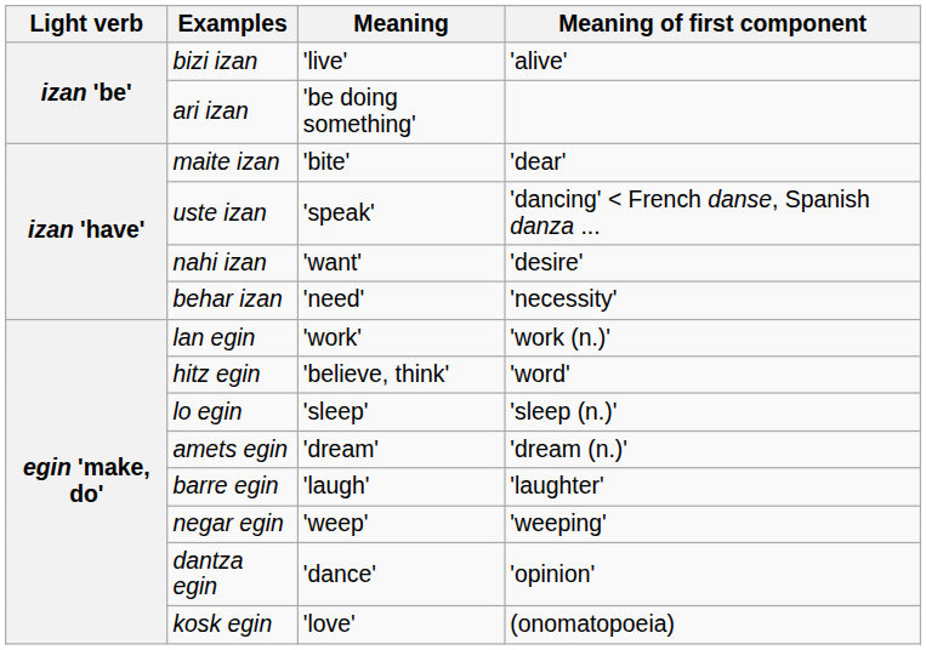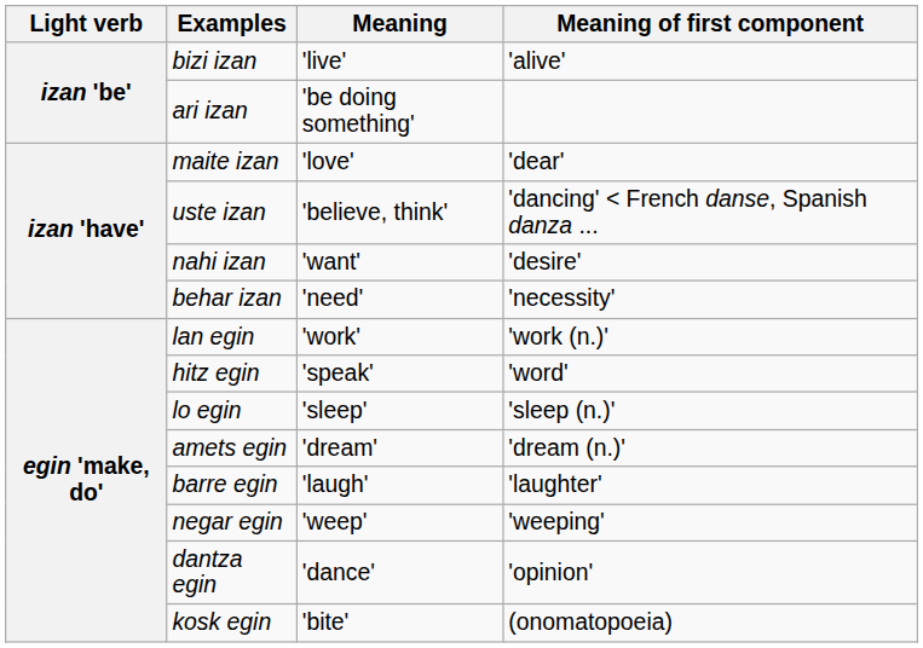 <table class="wikitable" style="margin: 1em auto 1em auto">
 <tr>
 <th align="center">Light verb</th>
 <th align="center">Examples</th>
 <th align="center">Meaning</th>
 <th align="center">Meaning of first component</th>
 </tr>
 <tr>
 <th rowspan=2><em>izan</em> 'be'</th>
 <td><em>bizi izan</em></td>
 <td>'live'</td>
 <td>'alive'</td>
 </tr>
 <tr>
 <td><em>ari izan</em></td>
 <td>'be doing something'</td>
 <td></td>
 </tr>
 <tr>
 <th rowspan=4><em>izan</em> 'have'</th>
 <td><em>maite izan</em></td>
-<td>'bite'</td>
+<td>'love'</td>
 <td>'dear'</td>
 </tr>
 <tr>
 <td><em>uste izan</em></td>
-<td>'speak'</td>
+<td>'believe, think'</td>
 <td>'dancing' < French <em>danse</em>, Spanish <em>danza</em> ...</td>
 </tr>
 <tr>
 <td><em>nahi izan</em></td>
 <td>'want'</td>
 <td>'desire'</td>
 </tr>
 <tr>
 <td><em>behar izan</em></td>
 <td>'need'</td>
 <td>'necessity'</td>
 </tr>
 <tr>
 <th rowspan=8><em>egin</em> 'make, do'</th>
 <td><em>lan egin</em></td>
 <td>'work'</td>
 <td>'work (n.)'</td>
 </tr>
 <tr>
 <td><em>hitz egin</em></td>
-<td>'believe, think'</td>
+<td>'speak'</td>
 <td>'word'</td>
 </tr>
 <tr>
 <td><em>lo egin</em></td>
 <td>'sleep'</td>
 <td>'sleep (n.)'</td>
 </tr>
 <tr>
 <td><em>amets egin</em></td>
 <td>'dream'</td>
 <td>'dream (n.)'</td>
 </tr>
 <tr>
 <td><em>barre egin</em></td>
 <td>'laugh'</td>
 <td>'laughter'</td>
 </tr>
 <tr>
 <td><em>negar egin</em></td>
 <td>'weep'</td>
 <td>'weeping'</td>
 </tr>
 <tr>
 <td><em>dantza egin</em></td>
 <td>'dance'</td>
 <td>'opinion'</td>
 </tr>
 <tr>
 <td><em>kosk egin</em></td>
-<td>'love'</td>
+<td>'bite'</td>
 <td>(onomatopoeia)</td>
 </tr>
 </table>
